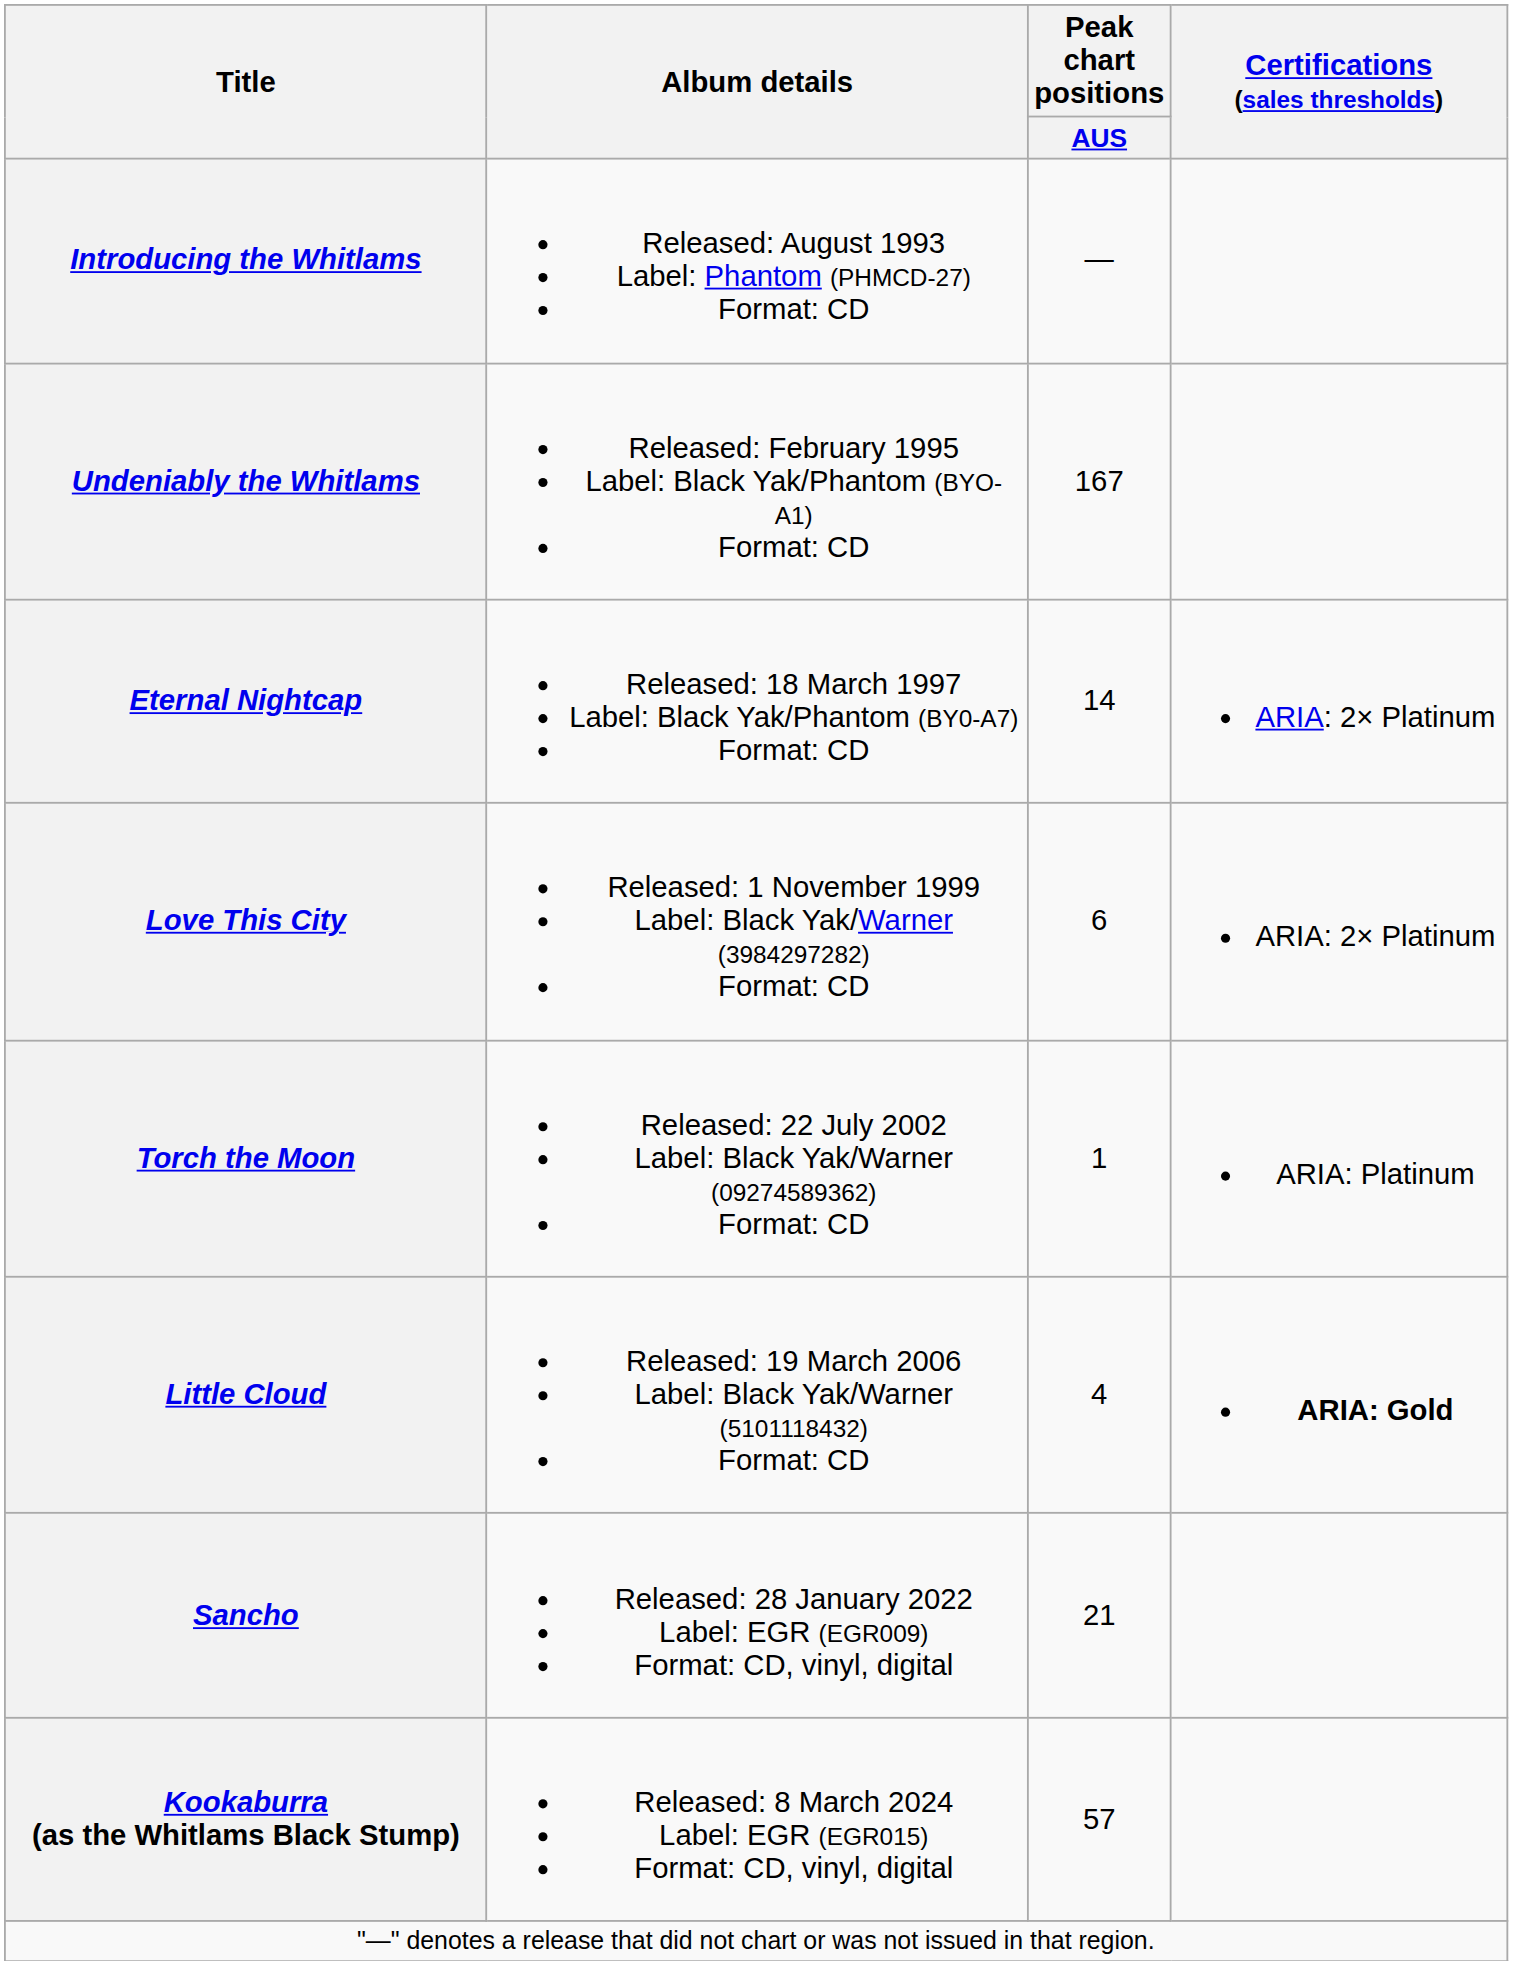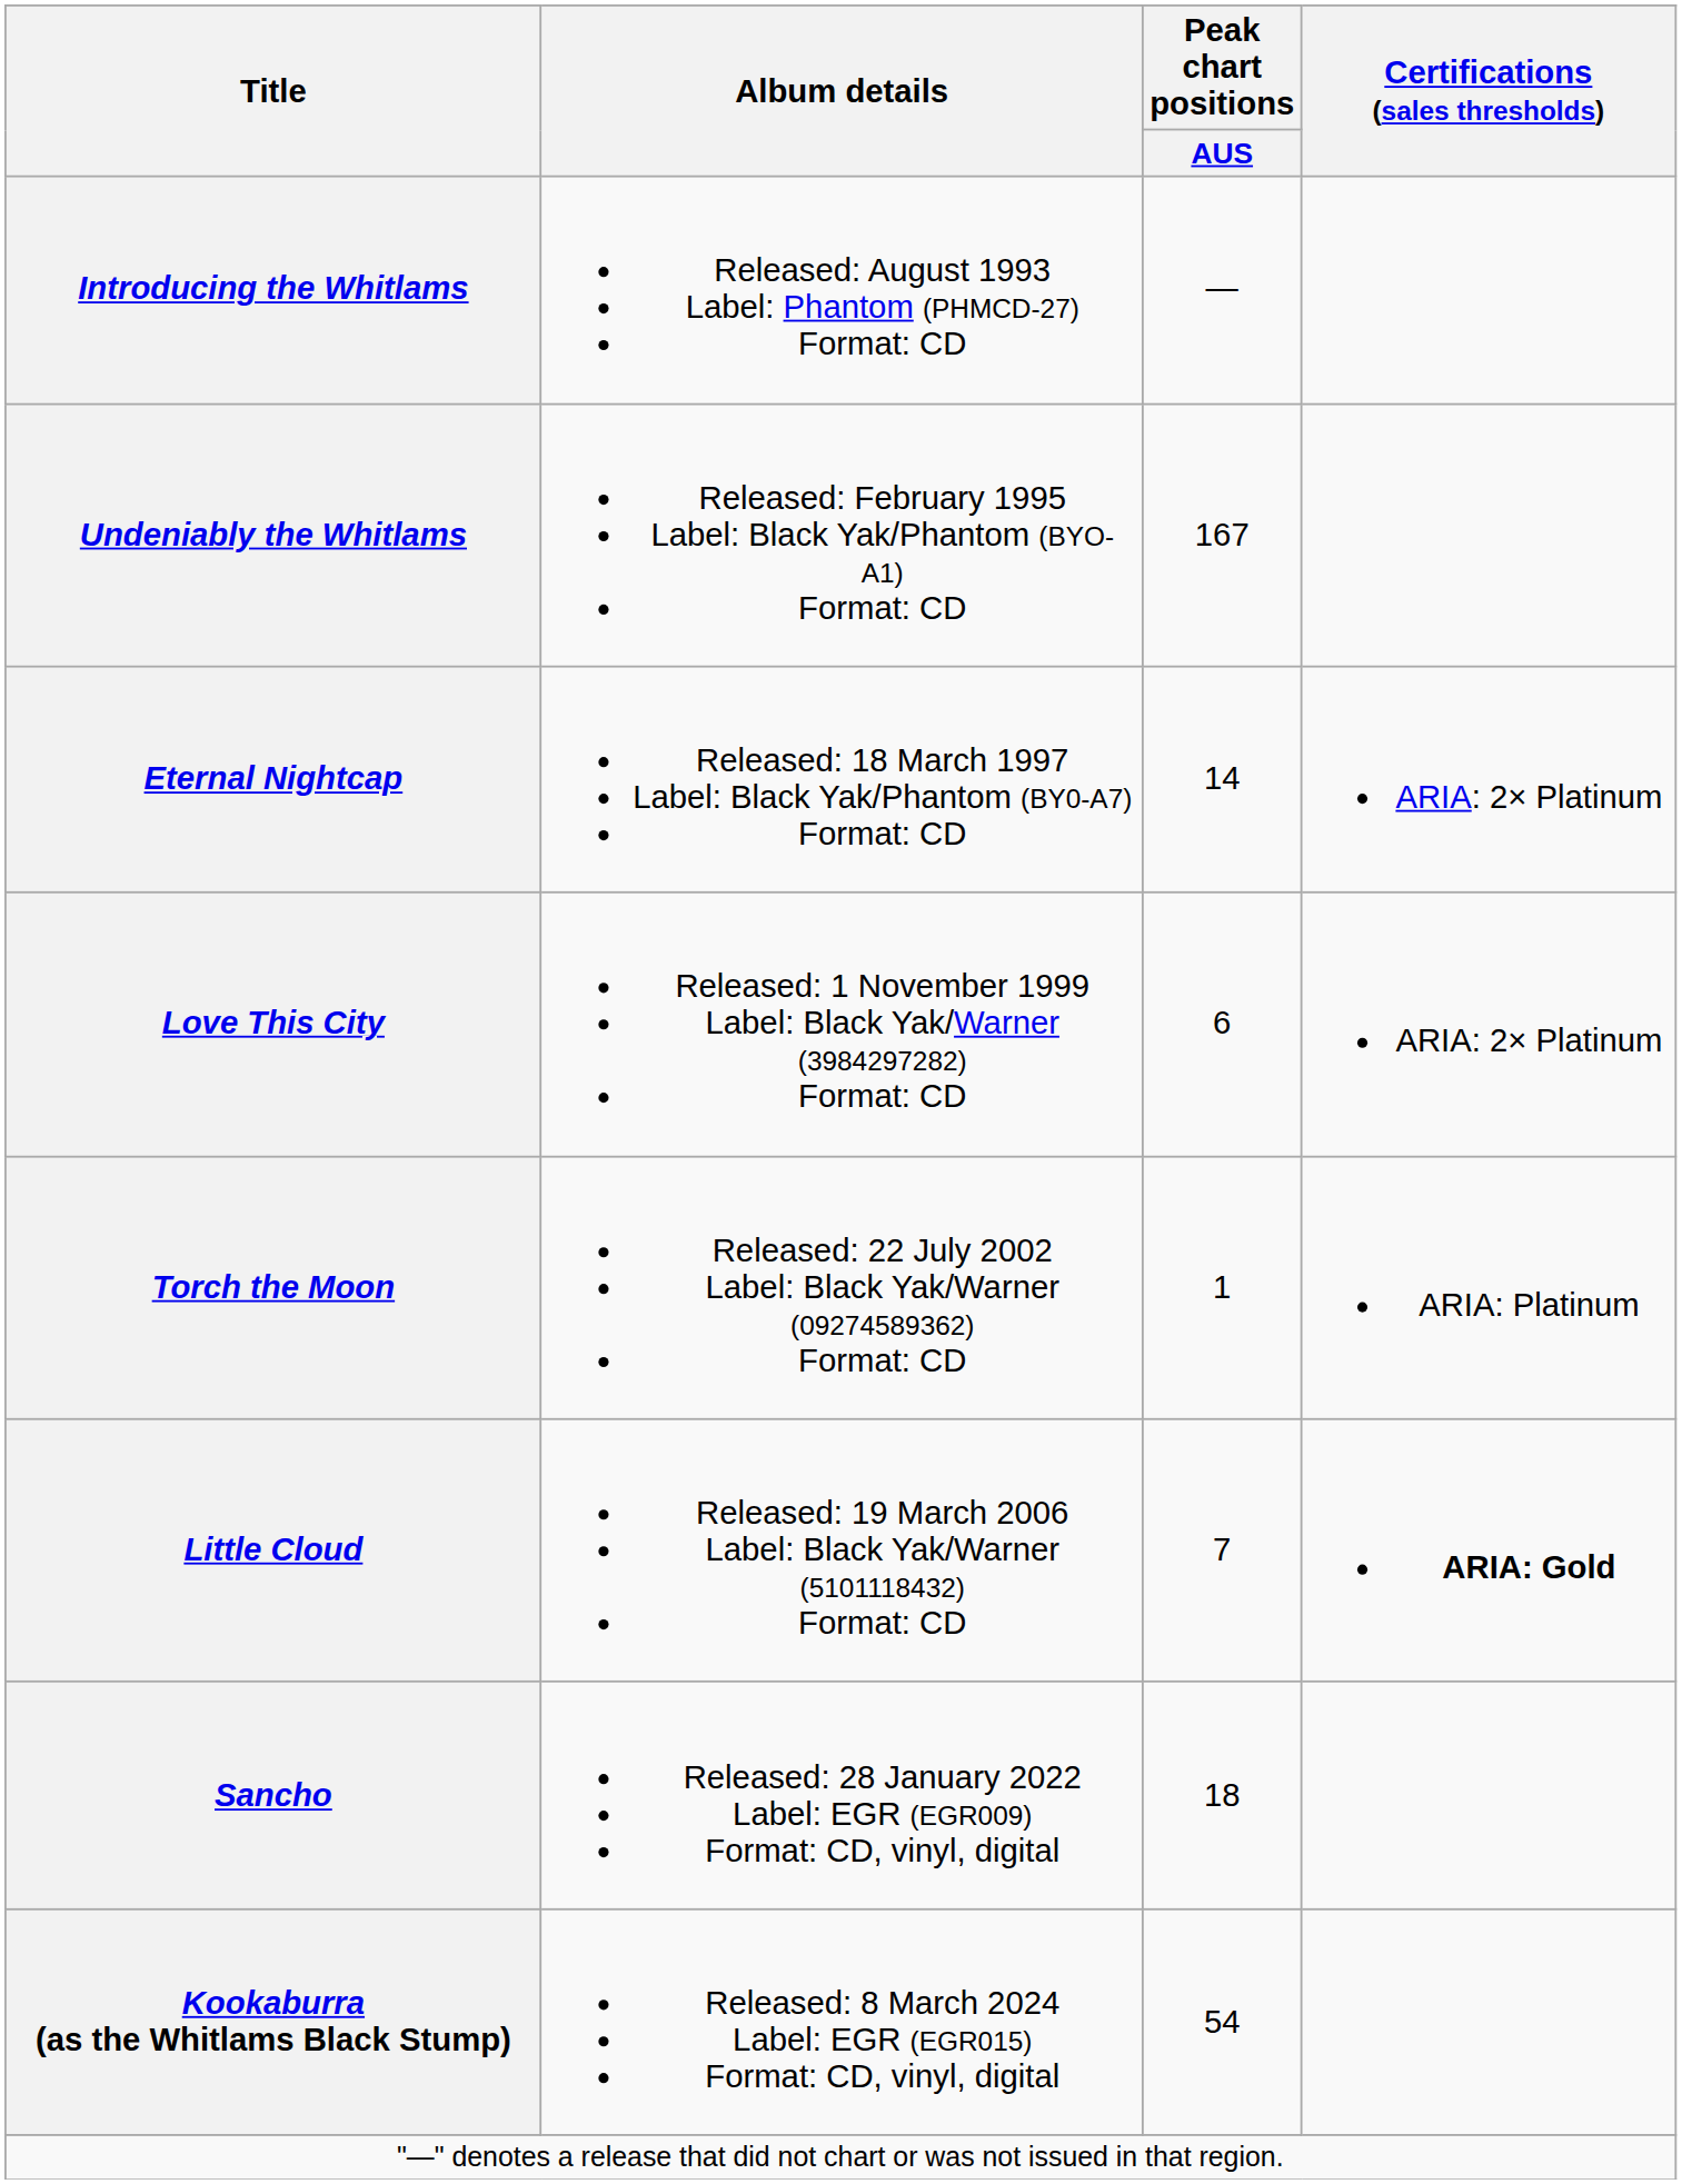 <table class="wikitable plainrowheaders" style="text-align:center;">
 <tr>
 <th scope="col" rowspan="2" style="width:16em;">Title</th>
 <th scope="col" rowspan="2" style="width:18em;">Album details</th>
 <th scope="col" colspan="1">Peak chart positions</th>
 <th scope="col" rowspan="2" style="width:11em;"><a href='#'>Certifications</a><br><small>(<a href='#'>sales thresholds</a>)</small></th>
 </tr>
 <tr>
 <th scope="col" style="width:3em;font-size:90%;"><a href='#'>AUS</a><br></th>
 </tr>
 <tr>
 <th scope="row"><em><a href='#'>Introducing the Whitlams</a></em></th>
 <td><br><ul><li>Released: August 1993</li><li>Label: <a href='#'>Phantom</a> <small>(PHMCD-27)</small></li><li>Format: CD</li></ul></td>
 <td align="center">—</td>
 <td align="center"></td>
 </tr>
 <tr>
 <th scope="row"><em><a href='#'>Undeniably the Whitlams</a></em></th>
 <td><br><ul><li>Released: February 1995</li><li>Label: Black Yak/Phantom <small>(BYO-A1)</small></li><li>Format: CD</li></ul></td>
 <td align="center">167</td>
 <td align="center"></td>
 </tr>
 <tr>
 <th scope="row"><em><a href='#'>Eternal Nightcap</a></em></th>
 <td><br><ul><li>Released: 18 March 1997</li><li>Label: Black Yak/Phantom <small>(BY0-A7)</small></li><li>Format: CD</li></ul></td>
 <td align="center">14</td>
 <td align="center"><br><ul><li><a href='#'>ARIA</a>: 2× Platinum</li></ul></td>
 </tr>
 <tr>
 <th scope="row"><em><a href='#'>Love This City</a></em></th>
 <td><br><ul><li>Released: 1 November 1999</li><li>Label: Black Yak/<a href='#'>Warner</a> <small>(3984297282)</small></li><li>Format: CD</li></ul></td>
 <td align="center">6</td>
 <td align="center"><br><ul><li>ARIA: 2× Platinum</li></ul></td>
 </tr>
 <tr>
 <th scope="row"><em><a href='#'>Torch the Moon</a></em></th>
 <td><br><ul><li>Released: 22 July 2002</li><li>Label: Black Yak/Warner <small>(09274589362)</small></li><li>Format: CD</li></ul></td>
 <td align="center">1</td>
 <td align="center"><br><ul><li>ARIA: Platinum</li></ul></td>
 </tr>
 <tr>
 <th scope="row"><em><a href='#'>Little Cloud</a></em></th>
 <td><br><ul><li>Released: 19 March 2006</li><li>Label: Black Yak/Warner <small>(5101118432)</small></li><li>Format: CD</li></ul></td>
-<td align="center">4</td>
+<td align="center">7</td>
 <td align="center"><strong><br><ul><li>ARIA: Gold</li></ul></strong></td>
 </tr>
 <tr>
 <th scope="row"><em><a href='#'>Sancho</a></em></th>
 <td><br><ul><li>Released: 28 January 2022</li><li>Label: EGR <small>(EGR009)</small></li><li>Format: CD, vinyl, digital</li></ul></td>
-<td align="center">21</td>
+<td align="center">18</td>
 <td></td>
 </tr>
 <tr>
 <th scope="row"><em><a href='#'>Kookaburra</a></em> <br> (as the Whitlams Black Stump)</th>
 <td><br><ul><li>Released: 8 March 2024</li><li>Label: EGR <small>(EGR015)</small></li><li>Format: CD, vinyl, digital</li></ul></td>
-<td>57</td>
+<td>54</td>
 <td></td>
 </tr>
 <tr>
 <td colspan="4" style="font-size:85%;">"—" denotes a release that did not chart or was not issued in that region.</td>
 </tr>
 </table>
